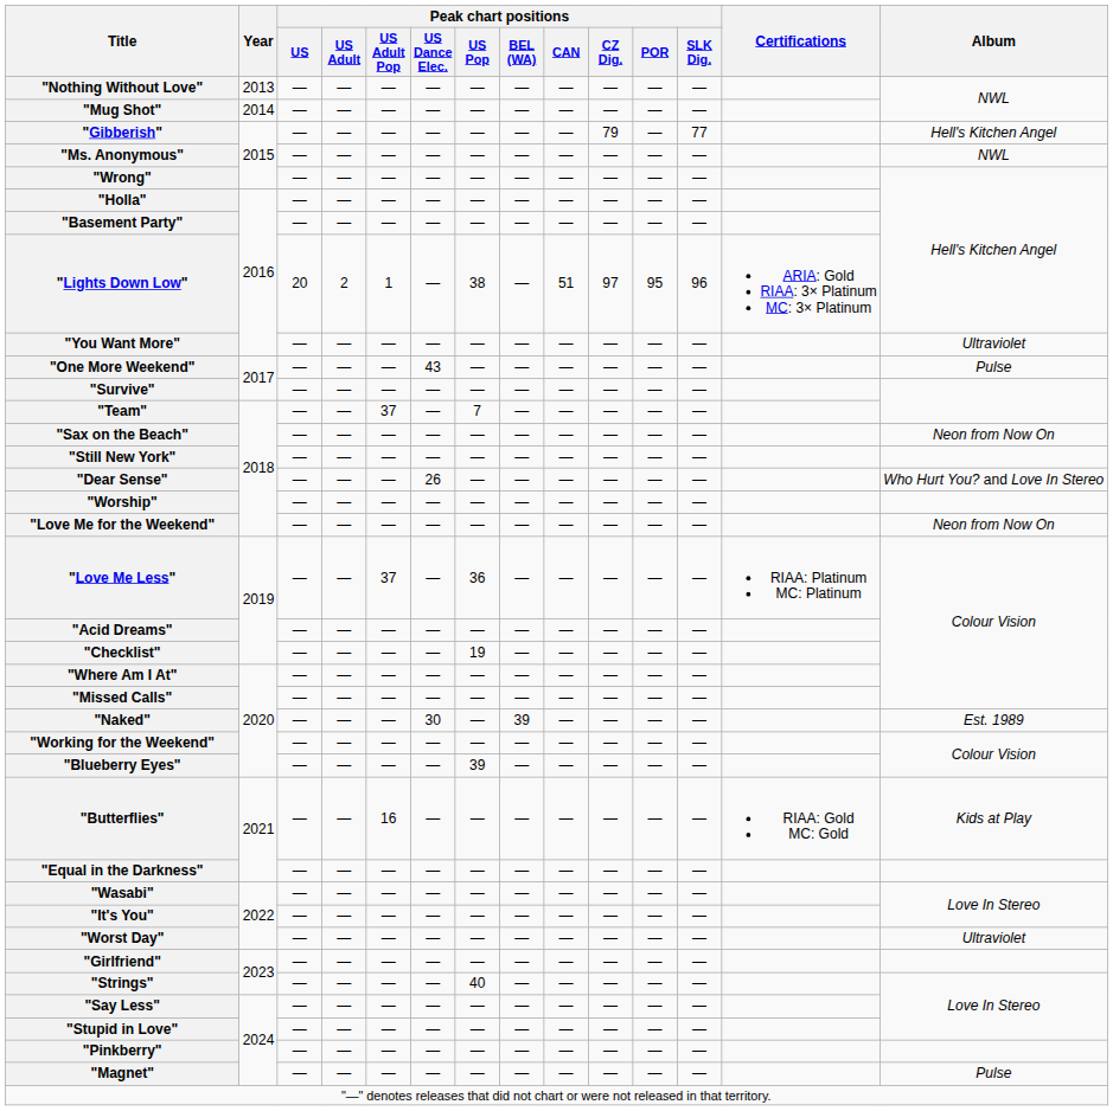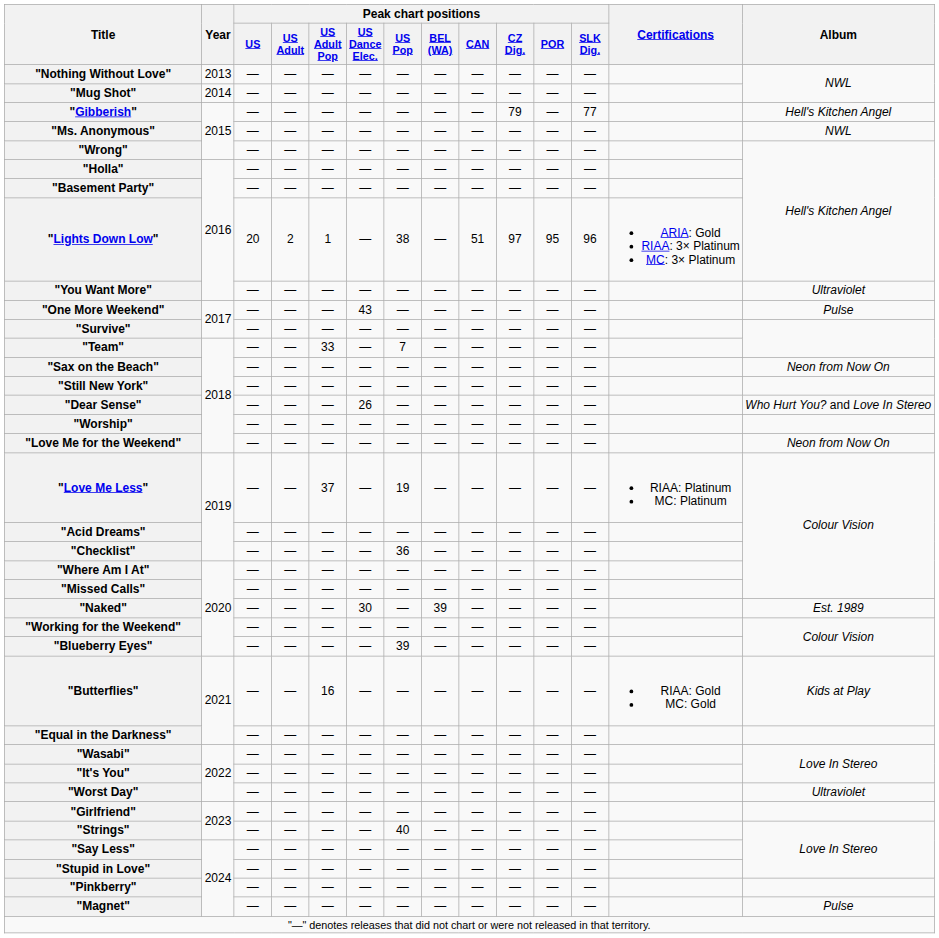 <table class="wikitable plainrowheaders" style="text-align:center;">
 <tr>
 <th scope="col" rowspan="2" style="width:16em;">Title</th>
 <th scope="col" rowspan="2">Year</th>
 <th scope="col" colspan="10">Peak chart positions</th>
 <th scope="col" rowspan="2"><a href='#'>Certifications</a></th>
 <th scope="col" rowspan="2">Album</th>
 </tr>
 <tr>
 <th scope="col" style="width:3em;font-size:90%;"><a href='#'>US</a><br></th>
 <th scope="col" style="width:3em;font-size:90%;"><a href='#'>US<br>Adult</a><br></th>
 <th scope="col" style="width:3em;font-size:90%;"><a href='#'>US<br>Adult Pop</a><br></th>
 <th scope="col" style="width:3em;font-size:90%;"><a href='#'>US<br>Dance Elec.</a><br></th>
 <th scope="col" style="width:3em;font-size:90%;"><a href='#'>US<br>Pop</a><br></th>
 <th scope="col" style="width:3em;font-size:90%;"><a href='#'>BEL (WA)</a><br></th>
 <th scope="col" style="width:3em;font-size:90%;"><a href='#'>CAN</a><br></th>
 <th scope="col" style="width:3em;font-size:90%;"><a href='#'>CZ<br>Dig.</a><br></th>
 <th scope="col" style="width:3em;font-size:90%;"><a href='#'>POR</a><br></th>
 <th scope="col" style="width:3em;font-size:90%;"><a href='#'>SLK<br>Dig.</a><br></th>
 </tr>
 <tr>
 <th scope="row">"Nothing Without Love"</th>
 <td>2013</td>
 <td>—</td>
 <td>—</td>
 <td>—</td>
 <td>—</td>
 <td>—</td>
 <td>—</td>
 <td>—</td>
 <td>—</td>
 <td>—</td>
 <td>—</td>
 <td></td>
 <td rowspan="2"><em>NWL</em></td>
 </tr>
 <tr>
 <th scope="row">"Mug Shot"</th>
 <td>2014</td>
 <td>—</td>
 <td>—</td>
 <td>—</td>
 <td>—</td>
 <td>—</td>
 <td>—</td>
 <td>—</td>
 <td>—</td>
 <td>—</td>
 <td>—</td>
 <td></td>
 </tr>
 <tr>
 <th scope="row">"<a href='#'>Gibberish</a>"<br></th>
 <td rowspan="3">2015</td>
 <td>—</td>
 <td>—</td>
 <td>—</td>
 <td>—</td>
 <td>—</td>
 <td>—</td>
 <td>—</td>
 <td>79</td>
 <td>—</td>
 <td>77</td>
 <td></td>
 <td><em>Hell's Kitchen Angel</em></td>
 </tr>
 <tr>
 <th scope="row">"Ms. Anonymous"<br></th>
 <td>—</td>
 <td>—</td>
 <td>—</td>
 <td>—</td>
 <td>—</td>
 <td>—</td>
 <td>—</td>
 <td>—</td>
 <td>—</td>
 <td>—</td>
 <td></td>
 <td><em>NWL</em></td>
 </tr>
 <tr>
 <th scope="row">"Wrong"<br></th>
 <td>—</td>
 <td>—</td>
 <td>—</td>
 <td>—</td>
 <td>—</td>
 <td>—</td>
 <td>—</td>
 <td>—</td>
 <td>—</td>
 <td>—</td>
 <td></td>
 <td rowspan="4"><em>Hell's Kitchen Angel</em></td>
 </tr>
 <tr>
 <th scope="row">"Holla"</th>
 <td rowspan="4">2016</td>
 <td>—</td>
 <td>—</td>
 <td>—</td>
 <td>—</td>
 <td>—</td>
 <td>—</td>
 <td>—</td>
 <td>—</td>
 <td>—</td>
 <td>—</td>
 <td></td>
 </tr>
 <tr>
 <th scope="row">"Basement Party"</th>
 <td>—</td>
 <td>—</td>
 <td>—</td>
 <td>—</td>
 <td>—</td>
 <td>—</td>
 <td>—</td>
 <td>—</td>
 <td>—</td>
 <td>—</td>
 <td></td>
 </tr>
 <tr>
 <th scope="row">"<a href='#'>Lights Down Low</a>"<br></th>
 <td>20</td>
 <td>2</td>
 <td>1</td>
 <td>—</td>
 <td>38</td>
 <td>—</td>
 <td>51</td>
 <td>97</td>
 <td>95</td>
 <td>96</td>
 <td><br><ul><li><a href='#'>ARIA</a>: Gold</li><li><a href='#'>RIAA</a>: 3× Platinum</li><li><a href='#'>MC</a>: 3× Platinum</li></ul></td>
 </tr>
 <tr>
 <th scope="row">"You Want More"<br></th>
 <td>—</td>
 <td>—</td>
 <td>—</td>
 <td>—</td>
 <td>—</td>
 <td>—</td>
 <td>—</td>
 <td>—</td>
 <td>—</td>
 <td>—</td>
 <td></td>
 <td><em>Ultraviolet</em></td>
 </tr>
 <tr>
 <th scope="row">"One More Weekend"<br></th>
 <td rowspan="2">2017</td>
 <td>—</td>
 <td>—</td>
 <td>—</td>
 <td>43</td>
 <td>—</td>
 <td>—</td>
 <td>—</td>
 <td>—</td>
 <td>—</td>
 <td>—</td>
 <td></td>
 <td><em>Pulse</em></td>
 </tr>
 <tr>
 <th scope="row">"Survive"<br></th>
 <td>—</td>
 <td>—</td>
 <td>—</td>
 <td>—</td>
 <td>—</td>
 <td>—</td>
 <td>—</td>
 <td>—</td>
 <td>—</td>
 <td>—</td>
 <td></td>
 </tr>
 <tr>
 <th scope="row">"Team"<br></th>
 <td rowspan="6">2018</td>
 <td>—</td>
 <td>—</td>
-<td>37</td>
+<td>33</td>
 <td>—</td>
 <td>7</td>
 <td>—</td>
 <td>—</td>
 <td>—</td>
 <td>—</td>
 <td>—</td>
 <td></td>
 </tr>
 <tr>
 <th scope="row">"Sax on the Beach"<br></th>
 <td>—</td>
 <td>—</td>
 <td>—</td>
 <td>—</td>
 <td>—</td>
 <td>—</td>
 <td>—</td>
 <td>—</td>
 <td>—</td>
 <td>—</td>
 <td></td>
 <td><em>Neon from Now On</em></td>
 </tr>
 <tr>
 <th scope="row">"Still New York"<br></th>
 <td>—</td>
 <td>—</td>
 <td>—</td>
 <td>—</td>
 <td>—</td>
 <td>—</td>
 <td>—</td>
 <td>—</td>
 <td>—</td>
 <td>—</td>
 <td></td>
 <td></td>
 </tr>
 <tr>
 <th scope="row">"Dear Sense"<br></th>
 <td>—</td>
 <td>—</td>
 <td>—</td>
 <td>26</td>
 <td>—</td>
 <td>—</td>
 <td>—</td>
 <td>—</td>
 <td>—</td>
 <td>—</td>
 <td></td>
 <td><em>Who Hurt You?</em> and <em>Love In Stereo</em></td>
 </tr>
 <tr>
 <th scope="row">"Worship"</th>
 <td>—</td>
 <td>—</td>
 <td>—</td>
 <td>—</td>
 <td>—</td>
 <td>—</td>
 <td>—</td>
 <td>—</td>
 <td>—</td>
 <td>—</td>
 <td></td>
 <td></td>
 </tr>
 <tr>
 <th scope="row">"Love Me for the Weekend"<br></th>
 <td>—</td>
 <td>—</td>
 <td>—</td>
 <td>—</td>
 <td>—</td>
 <td>—</td>
 <td>—</td>
 <td>—</td>
 <td>—</td>
 <td>—</td>
 <td></td>
 <td><em>Neon from Now On</em></td>
 </tr>
 <tr>
 <th scope="row">"<a href='#'>Love Me Less</a>"<br></th>
 <td rowspan="3">2019</td>
 <td>—</td>
 <td>—</td>
 <td>37</td>
 <td>—</td>
-<td>36</td>
+<td>19</td>
 <td>—</td>
 <td>—</td>
 <td>—</td>
 <td>—</td>
 <td>—</td>
 <td><br><ul><li>RIAA: Platinum</li><li>MC: Platinum</li></ul></td>
 <td rowspan="5"><em>Colour Vision</em></td>
 </tr>
 <tr>
 <th scope="row">"Acid Dreams"<br></th>
 <td>—</td>
 <td>—</td>
 <td>—</td>
 <td>—</td>
 <td>—</td>
 <td>—</td>
 <td>—</td>
 <td>—</td>
 <td>—</td>
 <td>—</td>
 <td></td>
 </tr>
 <tr>
 <th scope="row">"Checklist"<br></th>
 <td>—</td>
 <td>—</td>
 <td>—</td>
 <td>—</td>
-<td>19</td>
+<td>36</td>
 <td>—</td>
 <td>—</td>
 <td>—</td>
 <td>—</td>
 <td>—</td>
 <td></td>
 </tr>
 <tr>
 <th scope="row">"Where Am I At"</th>
 <td rowspan="5">2020</td>
 <td>—</td>
 <td>—</td>
 <td>—</td>
 <td>—</td>
 <td>—</td>
 <td>—</td>
 <td>—</td>
 <td>—</td>
 <td>—</td>
 <td>—</td>
 <td></td>
 </tr>
 <tr>
 <th scope="row">"Missed Calls"<br></th>
 <td>—</td>
 <td>—</td>
 <td>—</td>
 <td>—</td>
 <td>—</td>
 <td>—</td>
 <td>—</td>
 <td>—</td>
 <td>—</td>
 <td>—</td>
 <td></td>
 </tr>
 <tr>
 <th scope="row">"Naked"<br></th>
 <td>—</td>
 <td>—</td>
 <td>—</td>
 <td>30</td>
 <td>—</td>
 <td>39</td>
 <td>—</td>
 <td>—</td>
 <td>—</td>
 <td>—</td>
 <td></td>
 <td><em>Est. 1989</em></td>
 </tr>
 <tr>
 <th scope="row">"Working for the Weekend"<br></th>
 <td>—</td>
 <td>—</td>
 <td>—</td>
 <td>—</td>
 <td>—</td>
 <td>—</td>
 <td>—</td>
 <td>—</td>
 <td>—</td>
 <td>—</td>
 <td></td>
 <td rowspan="2"><em>Colour Vision</em></td>
 </tr>
 <tr>
 <th scope="row">"Blueberry Eyes"<br></th>
 <td>—</td>
 <td>—</td>
 <td>—</td>
 <td>—</td>
 <td>39</td>
 <td>—</td>
 <td>—</td>
 <td>—</td>
 <td>—</td>
 <td>—</td>
 <td></td>
 </tr>
 <tr>
 <th scope="row">"Butterflies"<br></th>
 <td rowspan="2">2021</td>
 <td>—</td>
 <td>—</td>
 <td>16</td>
 <td>—</td>
 <td>—</td>
 <td>—</td>
 <td>—</td>
 <td>—</td>
 <td>—</td>
 <td>—</td>
 <td><br><ul><li>RIAA: Gold</li><li>MC: Gold</li></ul></td>
 <td><em>Kids at Play</em></td>
 </tr>
 <tr>
 <th scope="row">"Equal in the Darkness" <br></th>
 <td>—</td>
 <td>—</td>
 <td>—</td>
 <td>—</td>
 <td>—</td>
 <td>—</td>
 <td>—</td>
 <td>—</td>
 <td>—</td>
 <td>—</td>
 <td></td>
 <td></td>
 </tr>
 <tr>
 <th scope="row">"Wasabi"</th>
 <td rowspan="3">2022</td>
 <td>—</td>
 <td>—</td>
 <td>—</td>
 <td>—</td>
 <td>—</td>
 <td>—</td>
 <td>—</td>
 <td>—</td>
 <td>—</td>
 <td>—</td>
 <td></td>
 <td rowspan="2"><em>Love In Stereo</em></td>
 </tr>
 <tr>
 <th scope="row">"It's You" <br></th>
 <td>—</td>
 <td>—</td>
 <td>—</td>
 <td>—</td>
 <td>—</td>
 <td>—</td>
 <td>—</td>
 <td>—</td>
 <td>—</td>
 <td>—</td>
 <td></td>
 </tr>
 <tr>
 <th scope="row">"Worst Day"<br></th>
 <td>—</td>
 <td>—</td>
 <td>—</td>
 <td>—</td>
 <td>—</td>
 <td>—</td>
 <td>—</td>
 <td>—</td>
 <td>—</td>
 <td>—</td>
 <td></td>
 <td><em>Ultraviolet</em></td>
 </tr>
 <tr>
 <th scope="row">"Girlfriend"<br></th>
 <td rowspan="2">2023</td>
 <td>—</td>
 <td>—</td>
 <td>—</td>
 <td>—</td>
 <td>—</td>
 <td>—</td>
 <td>—</td>
 <td>—</td>
 <td>—</td>
 <td>—</td>
 <td></td>
 <td></td>
 </tr>
 <tr>
 <th scope="row">"Strings"<br></th>
 <td>—</td>
 <td>—</td>
 <td>—</td>
 <td>—</td>
 <td>40</td>
 <td>—</td>
 <td>—</td>
 <td>—</td>
 <td>—</td>
 <td>—</td>
 <td></td>
 <td rowspan="3"><em>Love In Stereo</em></td>
 </tr>
 <tr>
 <th scope="row">"Say Less"<br></th>
 <td rowspan="4">2024</td>
 <td>—</td>
 <td>—</td>
 <td>—</td>
 <td>—</td>
 <td>—</td>
 <td>—</td>
 <td>—</td>
 <td>—</td>
 <td>—</td>
 <td>—</td>
 <td></td>
 </tr>
 <tr>
 <th scope="row">"Stupid in Love"<br></th>
 <td>—</td>
 <td>—</td>
 <td>—</td>
 <td>—</td>
 <td>—</td>
 <td>—</td>
 <td>—</td>
 <td>—</td>
 <td>—</td>
 <td>—</td>
 <td></td>
 </tr>
 <tr>
 <th scope="row">"Pinkberry"</th>
 <td>—</td>
 <td>—</td>
 <td>—</td>
 <td>—</td>
 <td>—</td>
 <td>—</td>
 <td>—</td>
 <td>—</td>
 <td>—</td>
 <td>—</td>
 <td></td>
 <td></td>
 </tr>
 <tr>
 <th scope="row">"Magnet"<br></th>
 <td>—</td>
 <td>—</td>
 <td>—</td>
 <td>—</td>
 <td>—</td>
 <td>—</td>
 <td>—</td>
 <td>—</td>
 <td>—</td>
 <td>—</td>
 <td></td>
 <td><em>Pulse</em></td>
 </tr>
 <tr>
 <td colspan="14" style="text-align:center; font-size:90%;">"—" denotes releases that did not chart or were not released in that territory.</td>
 </tr>
 </table>
